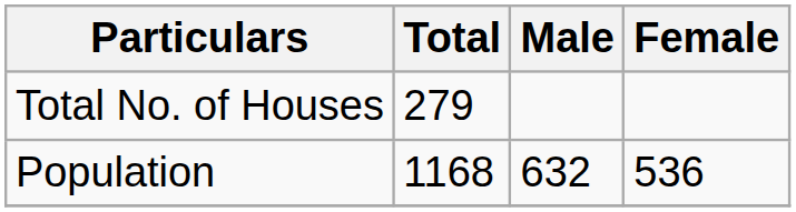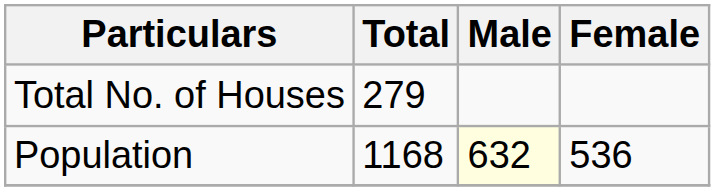 <table class="wikitable sortable">
 <tr>
 <th>Particulars</th>
 <th>Total</th>
 <th>Male</th>
 <th>Female</th>
 </tr>
 <tr>
 <td>Total No. of Houses</td>
 <td>279</td>
 <td></td>
 <td></td>
 </tr>
 <tr>
 <td>Population</td>
 <td>1168</td>
-<td>632</td>
+<td style="background: lightyellow;">632</td>
 <td>536</td>
 </tr>
 <tr>
 </tr>
 </table>
